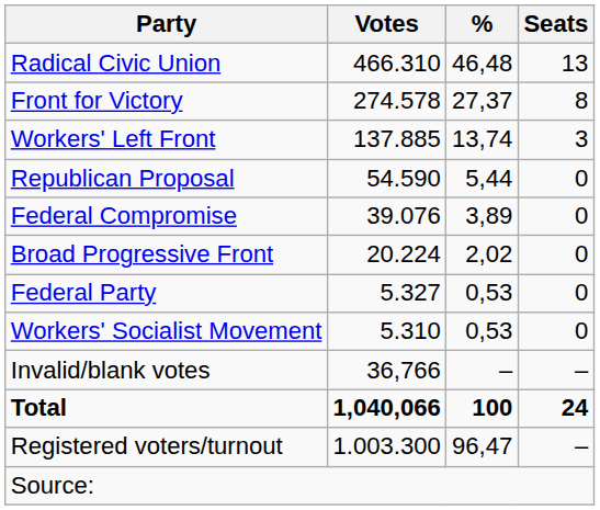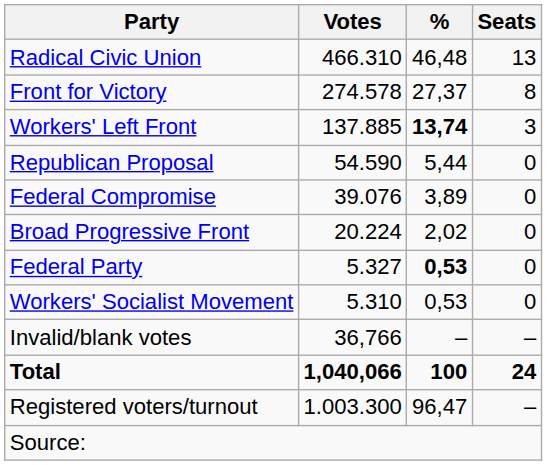 <table class=wikitable style=text-align:right>
 <tr>
 <th>Party</th>
 <th>Votes</th>
 <th>%</th>
 <th>Seats</th>
 </tr>
 <tr>
 <td align=left><a href='#'>Radical Civic Union</a></td>
 <td>466.310</td>
 <td>46,48</td>
 <td>13</td>
 </tr>
 <tr>
 <td align=left><a href='#'>Front for Victory</a></td>
 <td>274.578</td>
 <td>27,37</td>
 <td>8</td>
 </tr>
 <tr>
 <td align=left><a href='#'>Workers' Left Front</a></td>
 <td>137.885</td>
-<td>13,74</td>
+<td><strong>13,74</strong></td>
 <td>3</td>
 </tr>
 <tr>
 <td align=left><a href='#'>Republican Proposal</a></td>
 <td>54.590</td>
 <td>5,44</td>
 <td>0</td>
 </tr>
 <tr>
 <td align=left><a href='#'>Federal Compromise</a></td>
 <td>39.076</td>
 <td>3,89</td>
 <td>0</td>
 </tr>
 <tr>
 <td align=left><a href='#'>Broad Progressive Front</a></td>
 <td>20.224</td>
 <td>2,02</td>
 <td>0</td>
 </tr>
 <tr>
 <td align=left><a href='#'>Federal Party</a></td>
 <td>5.327</td>
-<td>0,53</td>
+<td><strong>0,53</strong></td>
 <td>0</td>
 </tr>
 <tr>
 <td align=left><a href='#'>Workers' Socialist Movement</a></td>
 <td>5.310</td>
 <td>0,53</td>
 <td>0</td>
 </tr>
 <tr>
 <td align=left>Invalid/blank votes</td>
 <td>36,766</td>
 <td>–</td>
 <td>–</td>
 </tr>
 <tr>
 <td align=left><strong>Total</strong></td>
 <td><strong>1,040,066</strong></td>
 <td><strong>100</strong></td>
 <td><strong>24</strong></td>
 </tr>
 <tr>
 <td align=left>Registered voters/turnout</td>
 <td>1.003.300</td>
 <td>96,47</td>
 <td>–</td>
 </tr>
 <tr>
 <td align=left colspan=5>Source: </td>
 </tr>
 </table>
